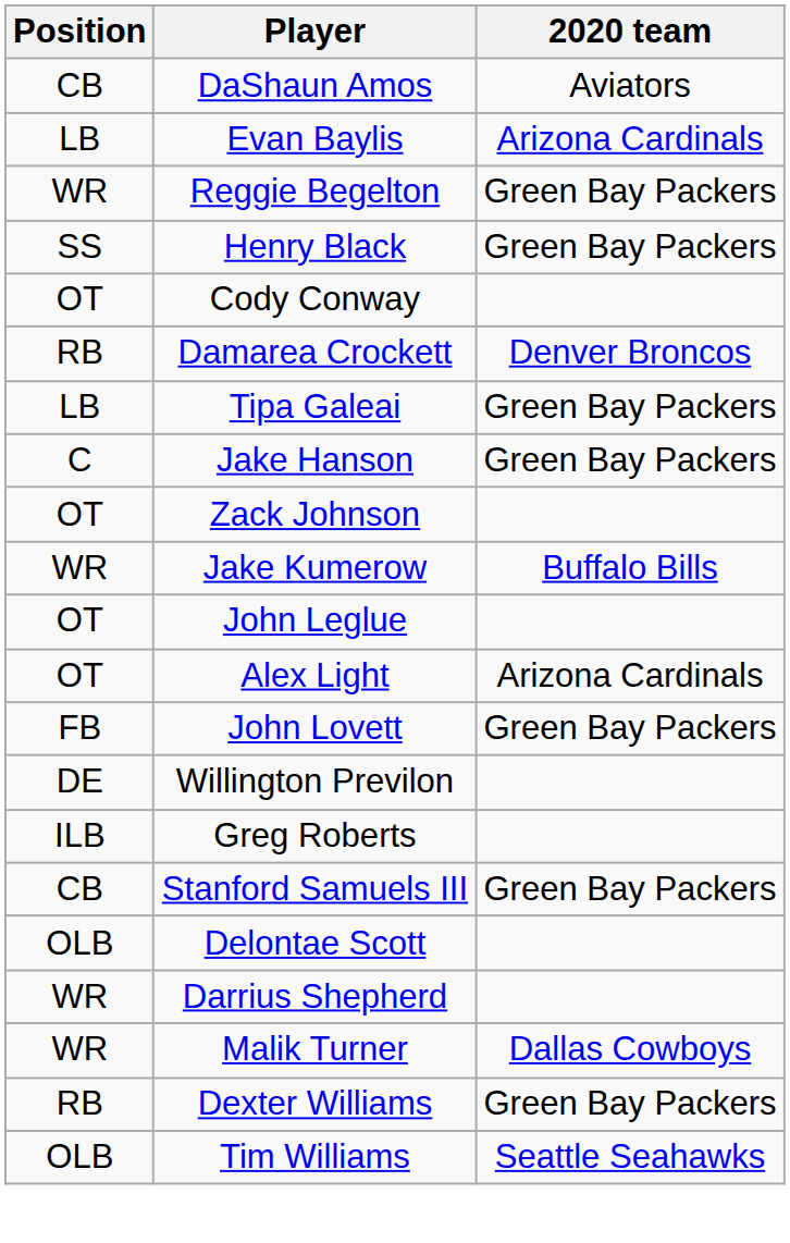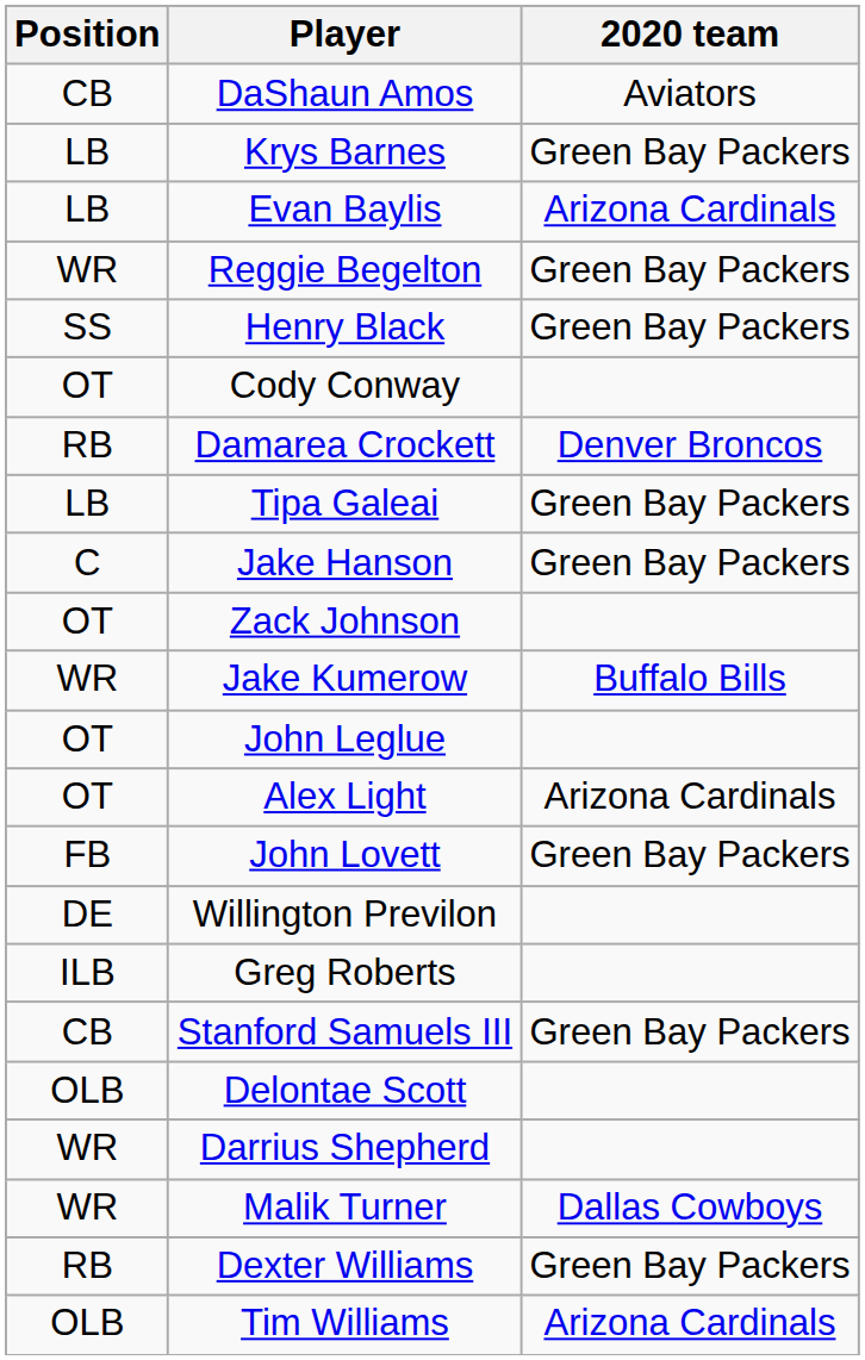 <table class="wikitable" style="text-align:center">
 <tr>
 <th>Position</th>
 <th>Player</th>
 <th>2020 team</th>
 </tr>
 <tr>
 <td>CB</td>
 <td><a href='#'>DaShaun Amos</a></td>
 <td>Aviators</td>
+</tr>
+<tr>
+<td>LB</td>
+<td><a href='#'>Krys Barnes</a></td>
+<td>Green Bay Packers</td>
 </tr>
 <tr>
 <td>LB</td>
 <td><a href='#'>Evan Baylis</a></td>
 <td><a href='#'>Arizona Cardinals</a></td>
 </tr>
 <tr>
 <td>WR</td>
 <td><a href='#'>Reggie Begelton</a></td>
 <td>Green Bay Packers</td>
 </tr>
 <tr>
 <td>SS</td>
 <td><a href='#'>Henry Black</a></td>
 <td>Green Bay Packers</td>
 </tr>
 <tr>
 <td>OT</td>
 <td>Cody Conway</td>
 <td></td>
 </tr>
 <tr>
 <td>RB</td>
 <td><a href='#'>Damarea Crockett</a></td>
 <td><a href='#'>Denver Broncos</a></td>
 </tr>
 <tr>
 <td>LB</td>
 <td><a href='#'>Tipa Galeai</a></td>
 <td>Green Bay Packers</td>
 </tr>
 <tr>
 <td>C</td>
 <td><a href='#'>Jake Hanson</a></td>
 <td>Green Bay Packers</td>
 </tr>
 <tr>
 <td>OT</td>
 <td><a href='#'>Zack Johnson</a></td>
 <td></td>
 </tr>
 <tr>
 <td>WR</td>
 <td><a href='#'>Jake Kumerow</a></td>
 <td><a href='#'>Buffalo Bills</a></td>
 </tr>
 <tr>
 <td>OT</td>
 <td><a href='#'>John Leglue</a></td>
 <td></td>
 </tr>
 <tr>
 <td>OT</td>
 <td><a href='#'>Alex Light</a></td>
 <td>Arizona Cardinals</td>
 </tr>
 <tr>
 <td>FB</td>
 <td><a href='#'>John Lovett</a></td>
 <td>Green Bay Packers</td>
 </tr>
 <tr>
 <td>DE</td>
 <td>Willington Previlon</td>
 <td></td>
 </tr>
 <tr>
 <td>ILB</td>
 <td>Greg Roberts</td>
 <td></td>
 </tr>
 <tr>
 <td>CB</td>
 <td><a href='#'>Stanford Samuels III</a></td>
 <td>Green Bay Packers</td>
 </tr>
 <tr>
 <td>OLB</td>
 <td><a href='#'>Delontae Scott</a></td>
 <td></td>
 </tr>
 <tr>
 <td>WR</td>
 <td><a href='#'>Darrius Shepherd</a></td>
 <td></td>
 </tr>
 <tr>
 <td>WR</td>
 <td><a href='#'>Malik Turner</a></td>
 <td><a href='#'>Dallas Cowboys</a></td>
 </tr>
 <tr>
 <td>RB</td>
 <td><a href='#'>Dexter Williams</a></td>
 <td>Green Bay Packers</td>
 </tr>
 <tr>
 <td>OLB</td>
 <td><a href='#'>Tim Williams</a></td>
-<td><a href='#'>Seattle Seahawks</a></td>
+<td><a href='#'>Arizona Cardinals</a></td>
 </tr>
 </table>
